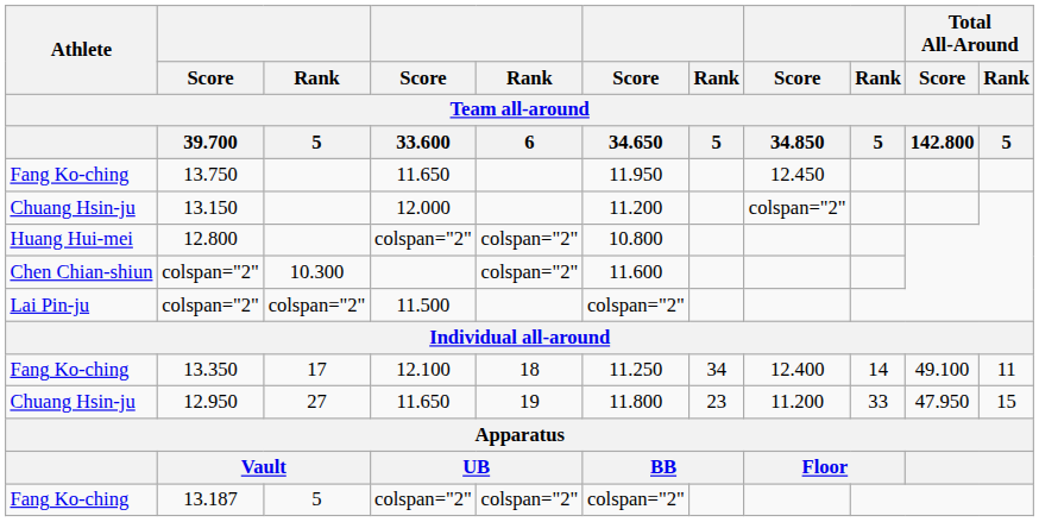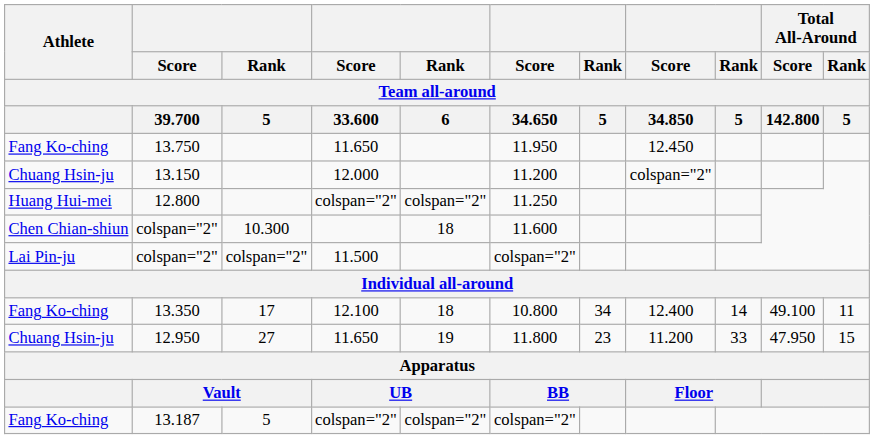 <table class="wikitable" style="font-size:90%; text-align:center">
 <tr>
 <th rowspan="2">Athlete</th>
 <th colspan="2"></th>
 <th colspan="2"></th>
 <th colspan="2"></th>
 <th colspan="2"></th>
 <th colspan="2">Total<br>All-Around</th>
 </tr>
 <tr>
 <th>Score</th>
 <th>Rank</th>
 <th>Score</th>
 <th>Rank</th>
 <th>Score</th>
 <th>Rank</th>
 <th>Score</th>
 <th>Rank</th>
 <th>Score</th>
 <th>Rank</th>
 </tr>
 <tr>
 <th colspan="11"><a href='#'>Team all-around</a></th>
 </tr>
 <tr>
 <th align="left"></th>
 <th>39.700</th>
 <th>5</th>
 <th>33.600</th>
 <th>6</th>
 <th>34.650</th>
 <th>5</th>
 <th>34.850</th>
 <th>5</th>
 <th>142.800</th>
 <th>5</th>
 </tr>
 <tr>
 <td align="left"><a href='#'>Fang Ko-ching</a></td>
 <td>13.750</td>
 <td></td>
 <td>11.650</td>
 <td></td>
 <td>11.950</td>
 <td></td>
 <td>12.450</td>
 <td></td>
 <td></td>
 <td></td>
 </tr>
 <tr>
 <td align="left"><a href='#'>Chuang Hsin-ju</a></td>
 <td>13.150</td>
 <td></td>
 <td>12.000</td>
 <td></td>
 <td>11.200</td>
 <td></td>
 <td>colspan="2" </td>
 <td></td>
 <td></td>
 </tr>
 <tr>
 <td align="left"><a href='#'>Huang Hui-mei</a></td>
 <td>12.800</td>
 <td></td>
 <td>colspan="2" </td>
 <td>colspan="2" </td>
-<td>10.800</td>
+<td>11.250</td>
 <td></td>
 <td></td>
 <td></td>
 </tr>
 <tr>
 <td align="left"><a href='#'>Chen Chian-shiun</a></td>
 <td>colspan="2" </td>
 <td>10.300</td>
 <td></td>
-<td>colspan="2" </td>
+<td>18</td>
 <td>11.600</td>
 <td></td>
 <td></td>
 <td></td>
 </tr>
 <tr>
 <td align="left"><a href='#'>Lai Pin-ju</a></td>
 <td>colspan="2" </td>
 <td>colspan="2" </td>
 <td>11.500</td>
 <td></td>
 <td>colspan="2" </td>
 <td></td>
 <td></td>
 </tr>
 <tr>
 <th colspan="11"><a href='#'>Individual all-around</a></th>
 </tr>
 <tr>
 <td align="left"><a href='#'>Fang Ko-ching</a></td>
 <td>13.350</td>
 <td>17</td>
 <td>12.100</td>
 <td>18</td>
-<td>11.250</td>
+<td>10.800</td>
 <td>34</td>
 <td>12.400</td>
 <td>14</td>
 <td>49.100</td>
 <td>11</td>
 </tr>
 <tr>
 <td align="left"><a href='#'>Chuang Hsin-ju</a></td>
 <td>12.950</td>
 <td>27</td>
 <td>11.650</td>
 <td>19</td>
 <td>11.800</td>
 <td>23</td>
 <td>11.200</td>
 <td>33</td>
 <td>47.950</td>
 <td>15</td>
 </tr>
 <tr>
 <th colspan="11">Apparatus</th>
 </tr>
 <tr>
 <th></th>
 <th colspan="2"><a href='#'>Vault</a></th>
 <th colspan="2"><a href='#'>UB</a></th>
 <th colspan="2"><a href='#'>BB</a></th>
 <th colspan="2"><a href='#'>Floor</a></th>
 <th colspan="2"></th>
 </tr>
 <tr>
 <td align="left"><a href='#'>Fang Ko-ching</a></td>
 <td>13.187</td>
 <td>5</td>
 <td>colspan="2" </td>
 <td>colspan="2" </td>
 <td>colspan="2" </td>
 <td></td>
 <td></td>
 </tr>
 </table>
